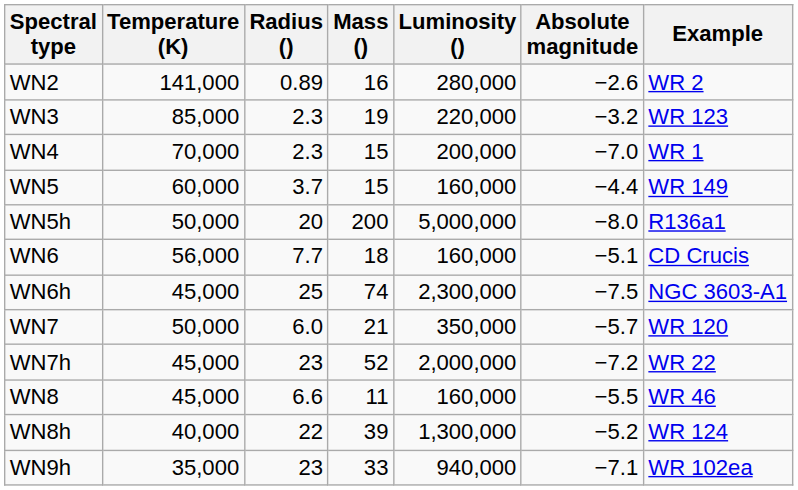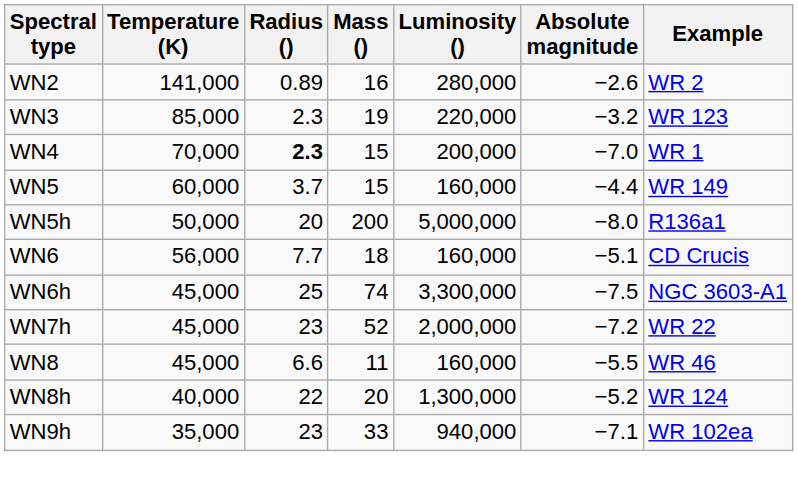 <table class="wikitable sortable">
 <tr>
 <th>Spectral<br>type</th>
 <th>Temperature<br>(K)</th>
 <th>Radius<br>()</th>
 <th>Mass<br>()</th>
 <th>Luminosity<br>()</th>
 <th>Absolute<br>magnitude</th>
 <th>Example</th>
 </tr>
 <tr>
 <td>WN2</td>
 <td style="text-align:right; background-color:#">141,000</td>
 <td style="text-align:right">0.89</td>
 <td style="text-align:right">16</td>
 <td style="text-align:right">280,000</td>
 <td style="text-align:right">−2.6</td>
 <td><a href='#'>WR 2</a></td>
 </tr>
 <tr>
 <td>WN3</td>
 <td style="text-align:right; background-color:#">85,000</td>
 <td style="text-align:right">2.3</td>
 <td style="text-align:right">19</td>
 <td style="text-align:right">220,000</td>
 <td style="text-align:right">−3.2</td>
 <td><a href='#'>WR 123</a></td>
 </tr>
 <tr>
 <td>WN4</td>
 <td style="text-align:right; background-color:#">70,000</td>
-<td style="text-align:right">2.3</td>
+<td style="text-align:right"><strong>2.3</strong></td>
 <td style="text-align:right">15</td>
 <td style="text-align:right">200,000</td>
 <td style="text-align:right">−7.0</td>
 <td><a href='#'>WR 1</a></td>
 </tr>
 <tr>
 <td>WN5</td>
 <td style="text-align:right; background-color:#">60,000</td>
 <td style="text-align:right">3.7</td>
 <td style="text-align:right">15</td>
 <td style="text-align:right">160,000</td>
 <td style="text-align:right">−4.4</td>
 <td><a href='#'>WR 149</a></td>
 </tr>
 <tr>
 <td>WN5h</td>
 <td style="text-align:right; background-color:#">50,000</td>
 <td style="text-align:right">20</td>
 <td style="text-align:right">200</td>
 <td style="text-align:right">5,000,000</td>
 <td style="text-align:right">−8.0</td>
 <td><a href='#'>R136a1</a></td>
 </tr>
 <tr>
 <td>WN6</td>
 <td style="text-align:right; background-color:#">56,000</td>
 <td style="text-align:right">7.7</td>
 <td style="text-align:right">18</td>
 <td style="text-align:right">160,000</td>
 <td style="text-align:right">−5.1</td>
 <td><a href='#'>CD Crucis</a></td>
 </tr>
 <tr>
 <td>WN6h</td>
 <td style="text-align:right; background-color:#">45,000</td>
 <td style="text-align:right">25</td>
 <td style="text-align:right">74</td>
-<td style="text-align:right">2,300,000</td>
+<td style="text-align:right">3,300,000</td>
 <td style="text-align:right">−7.5</td>
 <td><a href='#'>NGC 3603-A1</a></td>
-</tr>
-<tr>
-<td>WN7</td>
-<td style="text-align:right; background-color:#">50,000</td>
-<td style="text-align:right">6.0</td>
-<td style="text-align:right">21</td>
-<td style="text-align:right">350,000</td>
-<td style="text-align:right">−5.7</td>
-<td><a href='#'>WR 120</a></td>
 </tr>
 <tr>
 <td>WN7h</td>
 <td style="text-align:right; background-color:#">45,000</td>
 <td style="text-align:right">23</td>
 <td style="text-align:right">52</td>
 <td style="text-align:right">2,000,000</td>
 <td style="text-align:right">−7.2</td>
 <td><a href='#'>WR 22</a></td>
 </tr>
 <tr>
 <td>WN8</td>
 <td style="text-align:right; background-color:#">45,000</td>
 <td style="text-align:right">6.6</td>
 <td style="text-align:right">11</td>
 <td style="text-align:right">160,000</td>
 <td style="text-align:right">−5.5</td>
 <td><a href='#'>WR 46</a></td>
 </tr>
 <tr>
 <td>WN8h</td>
 <td style="text-align:right; background-color:#">40,000</td>
 <td style="text-align:right">22</td>
-<td style="text-align:right">39</td>
+<td style="text-align:right">20</td>
 <td style="text-align:right">1,300,000</td>
 <td style="text-align:right">−5.2</td>
 <td><a href='#'>WR 124</a></td>
 </tr>
 <tr>
 <td>WN9h</td>
 <td style="text-align:right; background-color:#">35,000</td>
 <td style="text-align:right">23</td>
 <td style="text-align:right">33</td>
 <td style="text-align:right">940,000</td>
 <td style="text-align:right">−7.1</td>
 <td><a href='#'>WR 102ea</a></td>
 </tr>
 </table>
